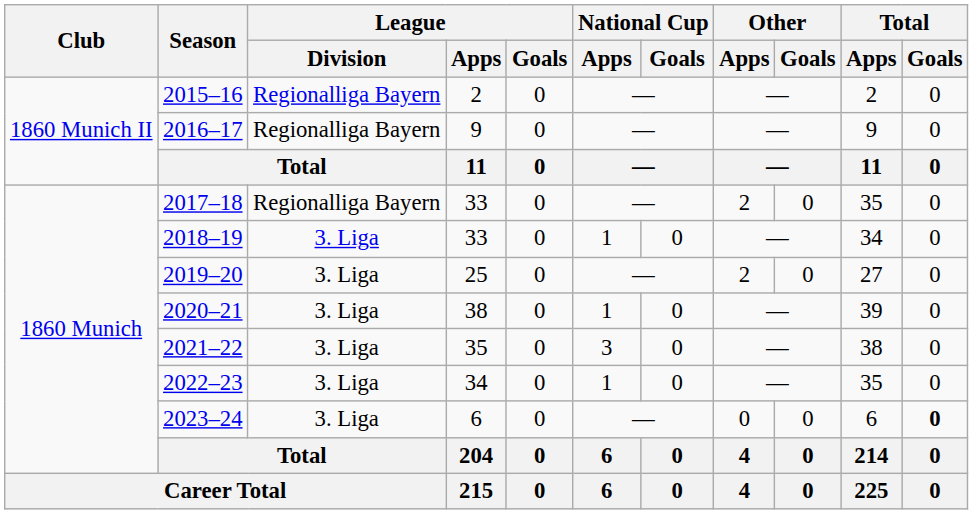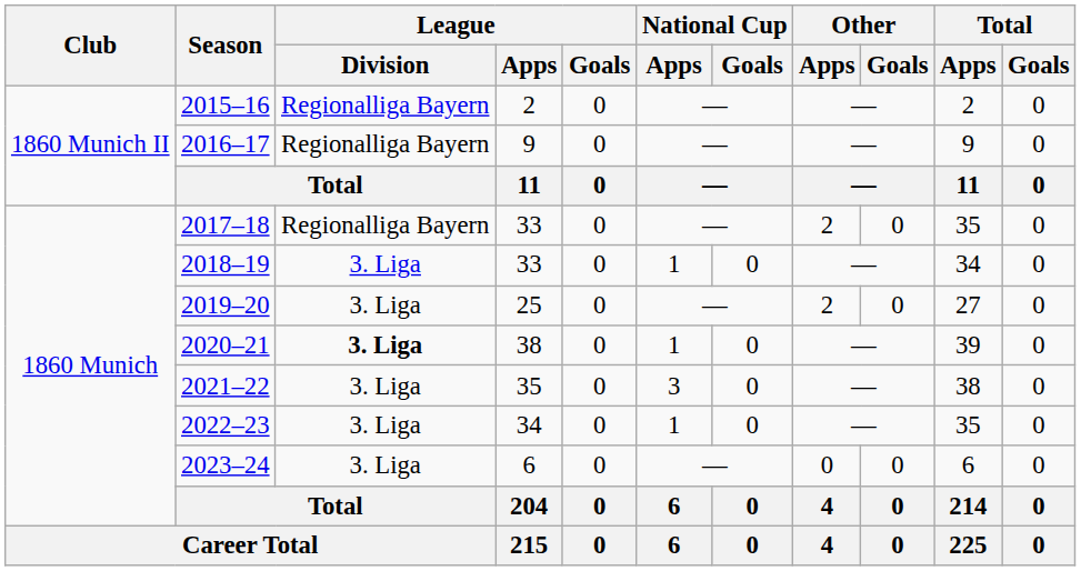 <table class="wikitable" Style="text-align: center">
 <tr>
 <th rowspan="2">Club</th>
 <th rowspan="2">Season</th>
 <th colspan="3">League</th>
 <th colspan="2">National Cup</th>
 <th colspan="2">Other</th>
 <th colspan="2">Total</th>
 </tr>
 <tr>
 <th>Division</th>
 <th>Apps</th>
 <th>Goals</th>
 <th>Apps</th>
 <th>Goals</th>
 <th>Apps</th>
 <th>Goals</th>
 <th>Apps</th>
 <th>Goals</th>
 </tr>
 <tr>
 <td rowspan="3"><a href='#'>1860 Munich II</a></td>
 <td><a href='#'>2015–16</a></td>
 <td><a href='#'>Regionalliga Bayern</a></td>
 <td>2</td>
 <td>0</td>
 <td colspan="2">—</td>
 <td colspan="2">—</td>
 <td>2</td>
 <td>0</td>
 </tr>
 <tr>
 <td><a href='#'>2016–17</a></td>
 <td>Regionalliga Bayern</td>
 <td>9</td>
 <td>0</td>
 <td colspan="2">—</td>
 <td colspan="2">—</td>
 <td>9</td>
 <td>0</td>
 </tr>
 <tr>
 <th colspan="2">Total</th>
 <th>11</th>
 <th>0</th>
 <th colspan="2">—</th>
 <th colspan="2">—</th>
 <th>11</th>
 <th>0</th>
 </tr>
 <tr>
 <td rowspan="8"><a href='#'>1860 Munich</a></td>
 <td><a href='#'>2017–18</a></td>
 <td>Regionalliga Bayern</td>
 <td>33</td>
 <td>0</td>
 <td colspan="2">—</td>
 <td>2</td>
 <td>0</td>
 <td>35</td>
 <td>0</td>
 </tr>
 <tr>
 <td><a href='#'>2018–19</a></td>
 <td><a href='#'>3. Liga</a></td>
 <td>33</td>
 <td>0</td>
 <td>1</td>
 <td>0</td>
 <td colspan="2">—</td>
 <td>34</td>
 <td>0</td>
 </tr>
 <tr>
 <td><a href='#'>2019–20</a></td>
 <td>3. Liga</td>
 <td>25</td>
 <td>0</td>
 <td colspan="2">—</td>
 <td>2</td>
 <td>0</td>
 <td>27</td>
 <td>0</td>
 </tr>
 <tr>
 <td><a href='#'>2020–21</a></td>
-<td>3. Liga</td>
+<td><strong>3. Liga</strong></td>
 <td>38</td>
 <td>0</td>
 <td>1</td>
 <td>0</td>
 <td colspan="2">—</td>
 <td>39</td>
 <td>0</td>
 </tr>
 <tr>
 <td><a href='#'>2021–22</a></td>
 <td>3. Liga</td>
 <td>35</td>
 <td>0</td>
 <td>3</td>
 <td>0</td>
 <td colspan="2">—</td>
 <td>38</td>
 <td>0</td>
 </tr>
 <tr>
 <td><a href='#'>2022–23</a></td>
 <td>3. Liga</td>
 <td>34</td>
 <td>0</td>
 <td>1</td>
 <td>0</td>
 <td colspan="2">—</td>
 <td>35</td>
 <td>0</td>
 </tr>
 <tr>
 <td><a href='#'>2023–24</a></td>
 <td>3. Liga</td>
 <td>6</td>
 <td>0</td>
 <td colspan="2">—</td>
 <td>0</td>
 <td>0</td>
 <td>6</td>
-<td><strong>0</strong></td>
+<td>0</td>
 </tr>
 <tr>
 <th colspan="2">Total</th>
 <th>204</th>
 <th>0</th>
 <th>6</th>
 <th>0</th>
 <th>4</th>
 <th>0</th>
 <th>214</th>
 <th>0</th>
 </tr>
 <tr>
 <th colspan="3">Career Total</th>
 <th>215</th>
 <th>0</th>
 <th>6</th>
 <th>0</th>
 <th>4</th>
 <th>0</th>
 <th>225</th>
 <th>0</th>
 </tr>
 </table>
